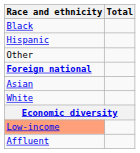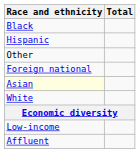 <table class="wikitable floatright sortable collapsible"; text-align:right; font-size:80%;">
 <tr>
 <th>Race and ethnicity</th>
 <th colspan="2" data-sort-type=number>Total</th>
 </tr>
 <tr>
 <td><a href='#'>Black</a></td>
 <td align=right></td>
 </tr>
 <tr>
 <td><a href='#'>Hispanic</a></td>
 <td align=right></td>
 </tr>
 <tr>
 <td>Other</td>
 <td align=right></td>
 </tr>
 <tr>
-<td><strong><a href='#'>Foreign national</a></strong></td>
+<td><a href='#'>Foreign national</a></td>
 <td align=right></td>
 </tr>
 <tr>
-<td><a href='#'>Asian</a></td>
+<td style="background: lightyellow;"><a href='#'>Asian</a></td>
 <td align=right></td>
 </tr>
 <tr>
 <td><a href='#'>White</a></td>
 <td align=right></td>
 </tr>
 <tr>
 <th colspan="4" data-sort-type=number><a href='#'>Economic diversity</a></th>
 </tr>
 <tr>
-<td style="background: lightsalmon;"><a href='#'>Low-income</a></td>
+<td><a href='#'>Low-income</a></td>
 <td align=right></td>
 </tr>
 <tr>
 <td><a href='#'>Affluent</a></td>
 <td align=right></td>
 </tr>
 </table>
